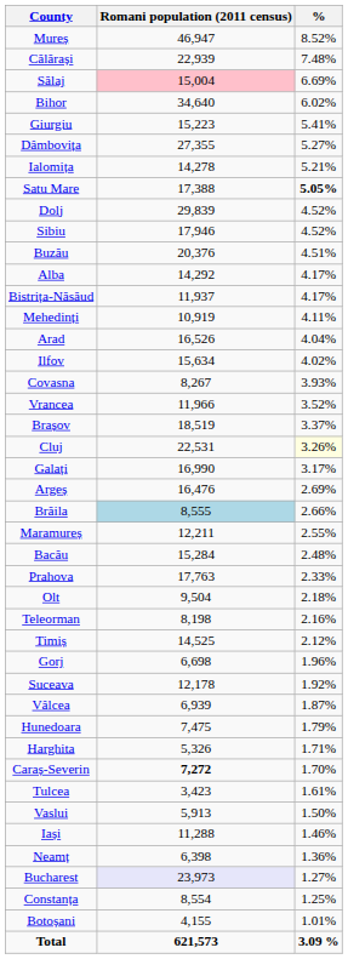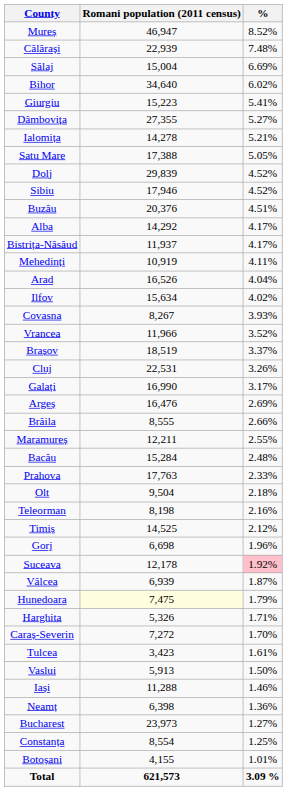 <table class="wikitable sortable" style="text-align: center;">
 <tr>
 <th><a href='#'>County</a></th>
 <th>Romani population (2011 census)</th>
 <th>%</th>
 </tr>
 <tr>
 <td><a href='#'>Mureș</a></td>
 <td>46,947</td>
 <td>8.52%</td>
 </tr>
 <tr>
 <td><a href='#'>Călărași</a></td>
 <td>22,939</td>
 <td>7.48%</td>
 </tr>
 <tr>
 <td><a href='#'>Sălaj</a></td>
-<td style="background: pink;">15,004</td>
+<td>15,004</td>
 <td>6.69%</td>
 </tr>
 <tr>
 <td><a href='#'>Bihor</a></td>
 <td>34,640</td>
 <td>6.02%</td>
 </tr>
 <tr>
 <td><a href='#'>Giurgiu</a></td>
 <td>15,223</td>
 <td>5.41%</td>
 </tr>
 <tr>
 <td><a href='#'>Dâmbovița</a></td>
 <td>27,355</td>
 <td>5.27%</td>
 </tr>
 <tr>
 <td><a href='#'>Ialomița</a></td>
 <td>14,278</td>
 <td>5.21%</td>
 </tr>
 <tr>
 <td><a href='#'>Satu Mare</a></td>
 <td>17,388</td>
-<td><strong>5.05%</strong></td>
+<td>5.05%</td>
 </tr>
 <tr>
 <td><a href='#'>Dolj</a></td>
 <td>29,839</td>
 <td>4.52%</td>
 </tr>
 <tr>
 <td><a href='#'>Sibiu</a></td>
 <td>17,946</td>
 <td>4.52%</td>
 </tr>
 <tr>
 <td><a href='#'>Buzău</a></td>
 <td>20,376</td>
 <td>4.51%</td>
 </tr>
 <tr>
 <td><a href='#'>Alba</a></td>
 <td>14,292</td>
 <td>4.17%</td>
 </tr>
 <tr>
 <td><a href='#'>Bistrița-Năsăud</a></td>
 <td>11,937</td>
 <td>4.17%</td>
 </tr>
 <tr>
 <td><a href='#'>Mehedinți</a></td>
 <td>10,919</td>
 <td>4.11%</td>
 </tr>
 <tr>
 <td><a href='#'>Arad</a></td>
 <td>16,526</td>
 <td>4.04%</td>
 </tr>
 <tr>
 <td><a href='#'>Ilfov</a></td>
 <td>15,634</td>
 <td>4.02%</td>
 </tr>
 <tr>
 <td><a href='#'>Covasna</a></td>
 <td>8,267</td>
 <td>3.93%</td>
 </tr>
 <tr>
 <td><a href='#'>Vrancea</a></td>
 <td>11,966</td>
 <td>3.52%</td>
 </tr>
 <tr>
 <td><a href='#'>Brașov</a></td>
 <td>18,519</td>
 <td>3.37%</td>
 </tr>
 <tr>
 <td><a href='#'>Cluj</a></td>
 <td>22,531</td>
-<td style="background: lightyellow;">3.26%</td>
+<td>3.26%</td>
 </tr>
 <tr>
 <td><a href='#'>Galați</a></td>
 <td>16,990</td>
 <td>3.17%</td>
 </tr>
 <tr>
 <td><a href='#'>Argeș</a></td>
 <td>16,476</td>
 <td>2.69%</td>
 </tr>
 <tr>
 <td><a href='#'>Brăila</a></td>
-<td style="background: lightblue;">8,555</td>
+<td>8,555</td>
 <td>2.66%</td>
 </tr>
 <tr>
 <td><a href='#'>Maramureș</a></td>
 <td>12,211</td>
 <td>2.55%</td>
 </tr>
 <tr>
 <td><a href='#'>Bacău</a></td>
 <td>15,284</td>
 <td>2.48%</td>
 </tr>
 <tr>
 <td><a href='#'>Prahova</a></td>
 <td>17,763</td>
 <td>2.33%</td>
 </tr>
 <tr>
 <td><a href='#'>Olt</a></td>
 <td>9,504</td>
 <td>2.18%</td>
 </tr>
 <tr>
 <td><a href='#'>Teleorman</a></td>
 <td>8,198</td>
 <td>2.16%</td>
 </tr>
 <tr>
 <td><a href='#'>Timiș</a></td>
 <td>14,525</td>
 <td>2.12%</td>
 </tr>
 <tr>
 <td><a href='#'>Gorj</a></td>
 <td>6,698</td>
 <td>1.96%</td>
 </tr>
 <tr>
 <td><a href='#'>Suceava</a></td>
 <td>12,178</td>
-<td>1.92%</td>
+<td style="background: pink;">1.92%</td>
 </tr>
 <tr>
 <td><a href='#'>Vâlcea</a></td>
 <td>6,939</td>
 <td>1.87%</td>
 </tr>
 <tr>
 <td><a href='#'>Hunedoara</a></td>
-<td>7,475</td>
+<td style="background: lightyellow;">7,475</td>
 <td>1.79%</td>
 </tr>
 <tr>
 <td><a href='#'>Harghita</a></td>
 <td>5,326</td>
 <td>1.71%</td>
 </tr>
 <tr>
 <td><a href='#'>Caraș-Severin</a></td>
-<td><strong>7,272</strong></td>
+<td>7,272</td>
 <td>1.70%</td>
 </tr>
 <tr>
 <td><a href='#'>Tulcea</a></td>
 <td>3,423</td>
 <td>1.61%</td>
 </tr>
 <tr>
 <td><a href='#'>Vaslui</a></td>
 <td>5,913</td>
 <td>1.50%</td>
 </tr>
 <tr>
 <td><a href='#'>Iași</a></td>
 <td>11,288</td>
 <td>1.46%</td>
 </tr>
 <tr>
 <td><a href='#'>Neamț</a></td>
 <td>6,398</td>
 <td>1.36%</td>
 </tr>
 <tr>
 <td><a href='#'>Bucharest</a></td>
-<td style="background: lavender;">23,973</td>
+<td>23,973</td>
 <td>1.27%</td>
 </tr>
 <tr>
 <td><a href='#'>Constanța</a></td>
 <td>8,554</td>
 <td>1.25%</td>
 </tr>
 <tr>
 <td><a href='#'>Botoșani</a></td>
 <td>4,155</td>
 <td>1.01%</td>
 </tr>
 <tr>
 <td><strong>Total</strong></td>
 <td><strong>621,573</strong></td>
 <td><strong>3.09 %</strong></td>
 </tr>
 </table>
